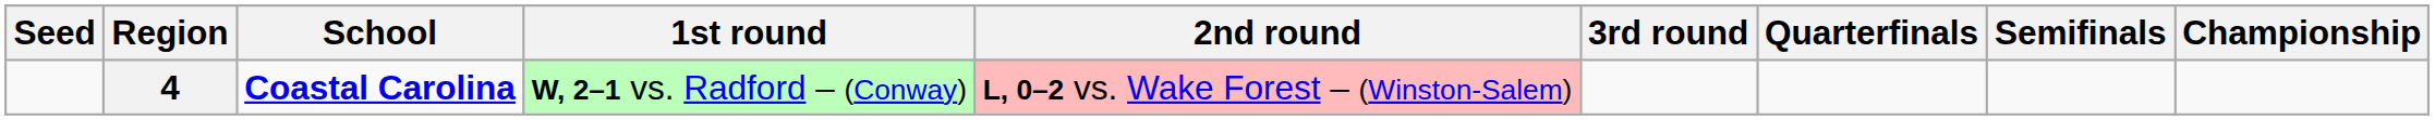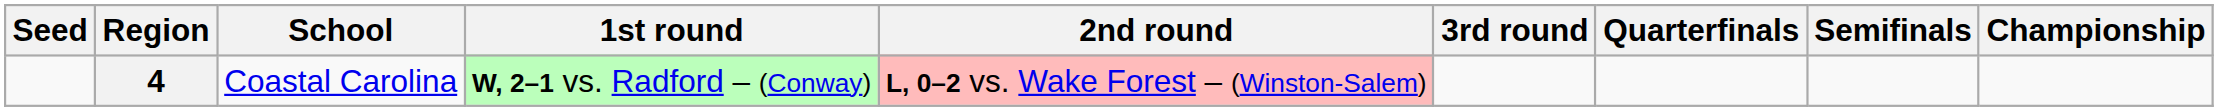 <table class="sortable wikitable" style="white-space:nowrap; font-size:90%;">
 <tr>
 <th>Seed</th>
 <th>Region</th>
 <th>School</th>
 <th>1st round</th>
 <th>2nd round</th>
 <th>3rd round</th>
 <th>Quarterfinals</th>
 <th>Semifinals</th>
 <th>Championship</th>
 </tr>
 <tr>
 <td></td>
 <th>4</th>
-<td><strong><a href='#'>Coastal Carolina</a></strong></td>
+<td><a href='#'>Coastal Carolina</a></td>
 <td style="background:#bfb;"><small><strong>W, 2–1</strong></small> vs. <a href='#'>Radford</a> – <small>(<a href='#'>Conway</a>)</small></td>
 <td style="background:#FBB"><small><strong>L, 0–2</strong></small> vs. <a href='#'>Wake Forest</a> – <small>(<a href='#'>Winston-Salem</a>)</small></td>
 <td></td>
 <td></td>
 <td></td>
 </tr>
 </table>
